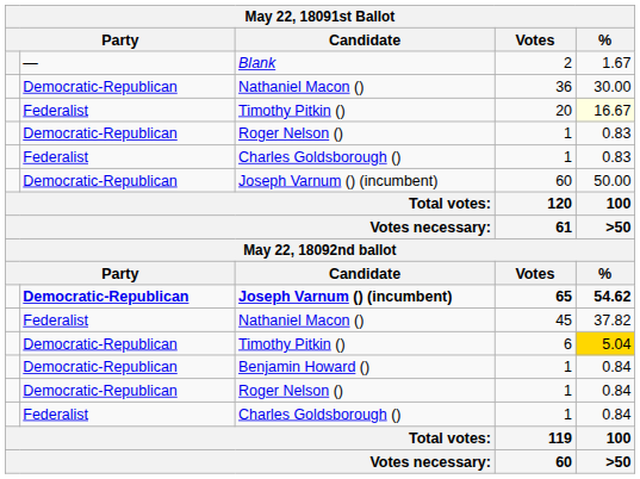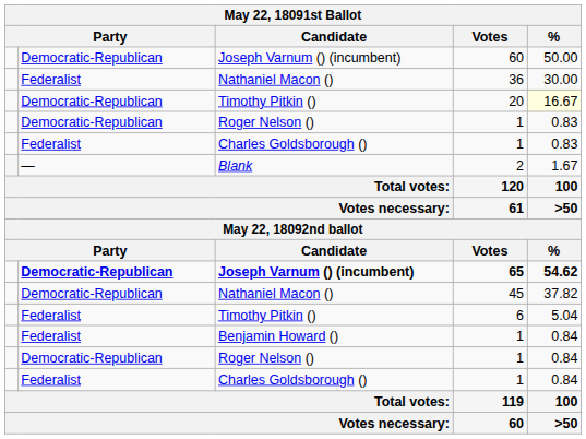 <table class="wikitable" style="margin-right:1em; font-size:95%">
 <tr>
 <th colspan=5 style="font-size:95%">May 22, 18091st Ballot</th>
 </tr>
 <tr>
 <th scope="col" colspan="2" style="width: 15em">Party</th>
 <th scope="col" style="width: 17em">Candidate</th>
 <th scope="col" style="width: 5em">Votes</th>
 <th scope="col" style="width: 3.5em">%</th>
 </tr>
 <tr>
-<td style="background:#f5f5f5"></td>
-<td>—</td>
-<td><em><a href='#'>Blank</a></em></td>
-<td style="text-align:right">2</td>
-<td style="text-align:right">1.67</td>
+<td style="width: 0.5em; background:"></td>
+<td><a href='#'>Democratic-Republican</a></td>
+<td><a href='#'>Joseph Varnum</a> () (incumbent)</td>
+<td style="text-align:right">60</td>
+<td style="text-align:right">50.00</td>
 </tr>
 <tr>
 <td style="background:"></td>
-<td><a href='#'>Democratic-Republican</a></td>
+<td><a href='#'>Federalist</a></td>
 <td><a href='#'>Nathaniel Macon</a> ()</td>
 <td style="text-align:right">36</td>
 <td style="text-align:right">30.00</td>
 </tr>
 <tr>
 <td style="background:"></td>
-<td><a href='#'>Federalist</a></td>
+<td><a href='#'>Democratic-Republican</a></td>
 <td><a href='#'>Timothy Pitkin</a> ()</td>
 <td style="text-align:right">20</td>
 <td style="background: lightyellow; text-align:right">16.67</td>
 </tr>
 <tr>
 <td style="background:"></td>
 <td><a href='#'>Democratic-Republican</a></td>
 <td><a href='#'>Roger Nelson</a> ()</td>
 <td style="text-align:right">1</td>
 <td style="text-align:right">0.83</td>
 </tr>
 <tr>
 <td style="background:"></td>
 <td><a href='#'>Federalist</a></td>
 <td><a href='#'>Charles Goldsborough</a> ()</td>
 <td style="text-align:right">1</td>
 <td style="text-align:right">0.83</td>
 </tr>
 <tr>
-<td style="width: 0.5em; background:"></td>
-<td><a href='#'>Democratic-Republican</a></td>
-<td><a href='#'>Joseph Varnum</a> () (incumbent)</td>
-<td style="text-align:right">60</td>
-<td style="text-align:right">50.00</td>
+<td style="background:#f5f5f5"></td>
+<td>—</td>
+<td><em><a href='#'>Blank</a></em></td>
+<td style="text-align:right">2</td>
+<td style="text-align:right">1.67</td>
 </tr>
 <tr>
 <th colspan=3 style="text-align:right">Total votes:</th>
 <td style="text-align:right; background:#f5f5f5"><strong>120</strong></td>
 <td style="text-align:right; background:#f5f5f5"><strong>100</strong></td>
 </tr>
 <tr>
 <th colspan=3 style="text-align:right">Votes necessary:</th>
 <td style="text-align:right; background:#f5f5f5"><strong>61</strong></td>
 <td style="text-align:right; background:#f5f5f5"><strong>>50</strong></td>
 </tr>
 <tr>
 <th colspan=5 style="font-size:95%">May 22, 18092nd ballot</th>
 </tr>
 <tr>
 <th scope="col" colspan="2" style="width: 15em">Party</th>
 <th scope="col" style="width: 17em">Candidate</th>
 <th scope="col" style="width: 5em">Votes</th>
 <th scope="col" style="width: 3.5em">%</th>
 </tr>
 <tr>
 <td style="background:"></td>
 <td><strong><a href='#'>Democratic-Republican</a></strong></td>
 <td><strong><a href='#'>Joseph Varnum</a> () (incumbent)</strong></td>
 <td style="text-align:right"><strong>65</strong></td>
 <td style="text-align:right"><strong>54.62</strong></td>
 </tr>
 <tr>
 <td style="background:"></td>
-<td><a href='#'>Federalist</a></td>
+<td><a href='#'>Democratic-Republican</a></td>
 <td><a href='#'>Nathaniel Macon</a> ()</td>
 <td style="text-align:right">45</td>
 <td style="text-align:right">37.82</td>
 </tr>
 <tr>
 <td style="background:"></td>
-<td><a href='#'>Democratic-Republican</a></td>
+<td><a href='#'>Federalist</a></td>
 <td><a href='#'>Timothy Pitkin</a> ()</td>
 <td style="text-align:right">6</td>
-<td style="background: gold; text-align:right">5.04</td>
+<td style="text-align:right">5.04</td>
 </tr>
 <tr>
 <td style="background:"></td>
-<td><a href='#'>Democratic-Republican</a></td>
+<td><a href='#'>Federalist</a></td>
 <td><a href='#'>Benjamin Howard</a> ()</td>
 <td style="text-align:right">1</td>
 <td style="text-align:right">0.84</td>
 </tr>
 <tr>
 <td style="background:"></td>
 <td><a href='#'>Democratic-Republican</a></td>
 <td><a href='#'>Roger Nelson</a> ()</td>
 <td style="text-align:right">1</td>
 <td style="text-align:right">0.84</td>
 </tr>
 <tr>
 <td style="background:"></td>
 <td><a href='#'>Federalist</a></td>
 <td><a href='#'>Charles Goldsborough</a> ()</td>
 <td style="text-align:right">1</td>
 <td style="text-align:right">0.84</td>
 </tr>
 <tr>
 <th colspan=3 style="text-align:right">Total votes:</th>
 <td style="text-align:right; background:#f5f5f5"><strong>119</strong></td>
 <td style="text-align:right; background:#f5f5f5"><strong>100</strong></td>
 </tr>
 <tr>
 <th colspan=3 style="text-align:right">Votes necessary:</th>
 <td style="text-align:right; background:#f5f5f5"><strong>60</strong></td>
 <td style="text-align:right; background:#f5f5f5"><strong>>50</strong></td>
 </tr>
 </table>
